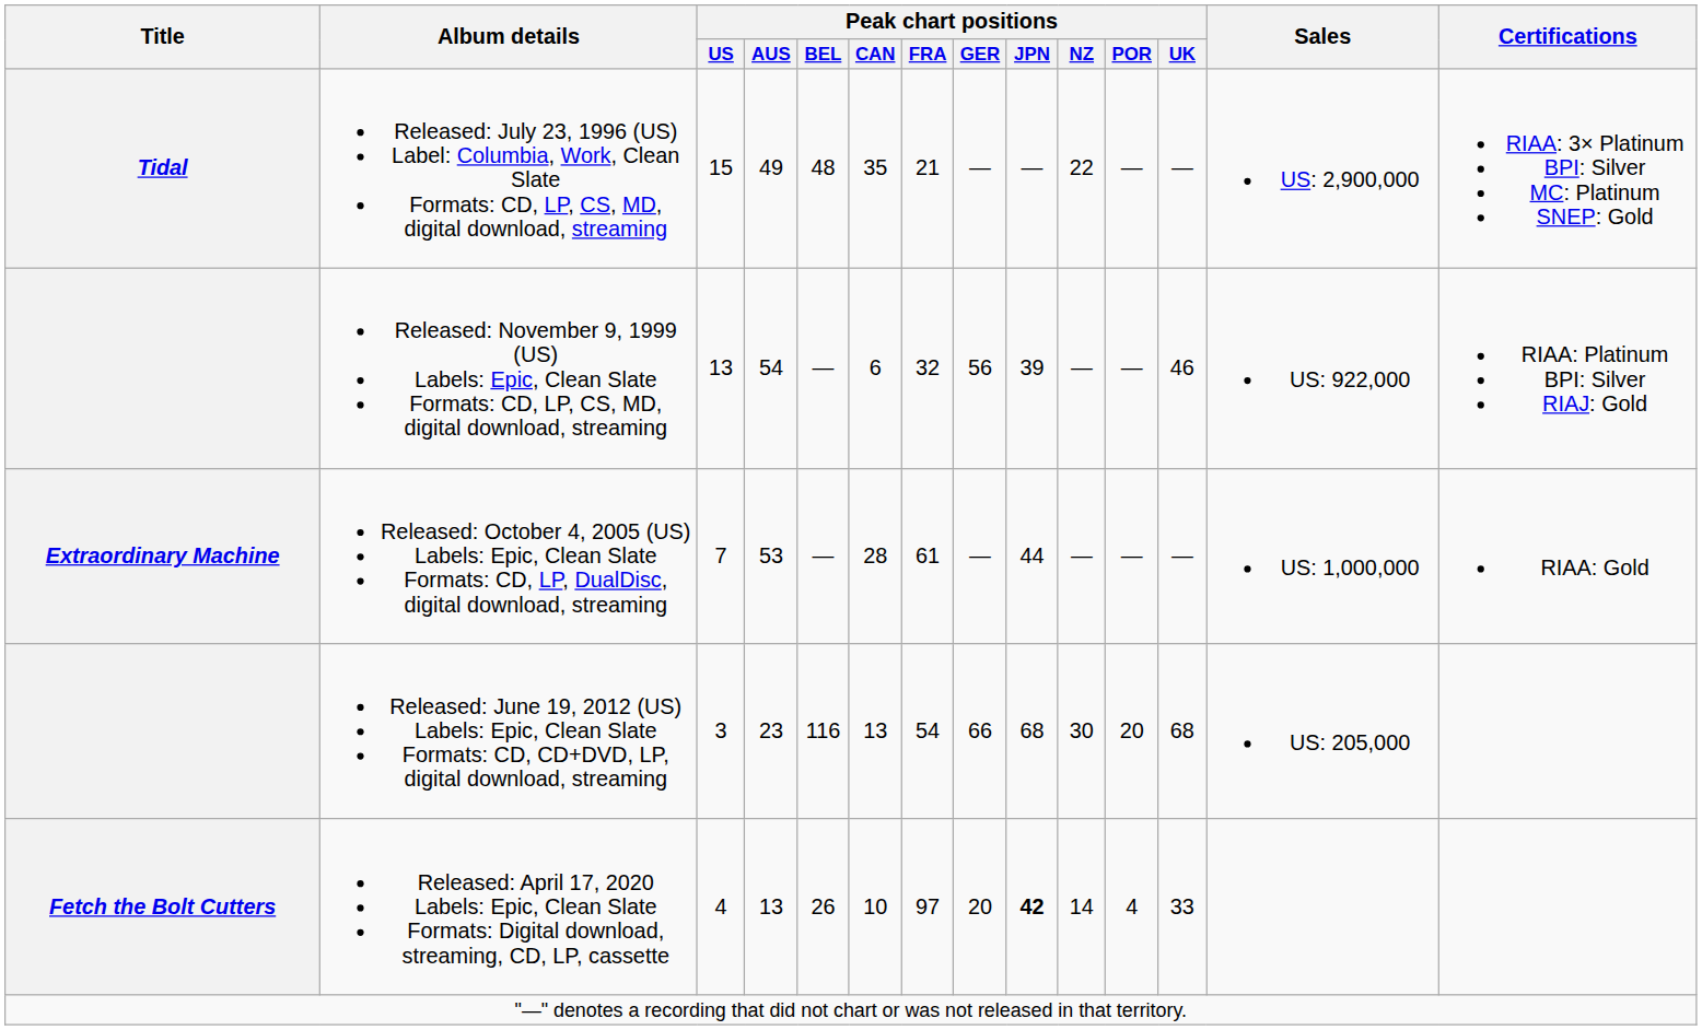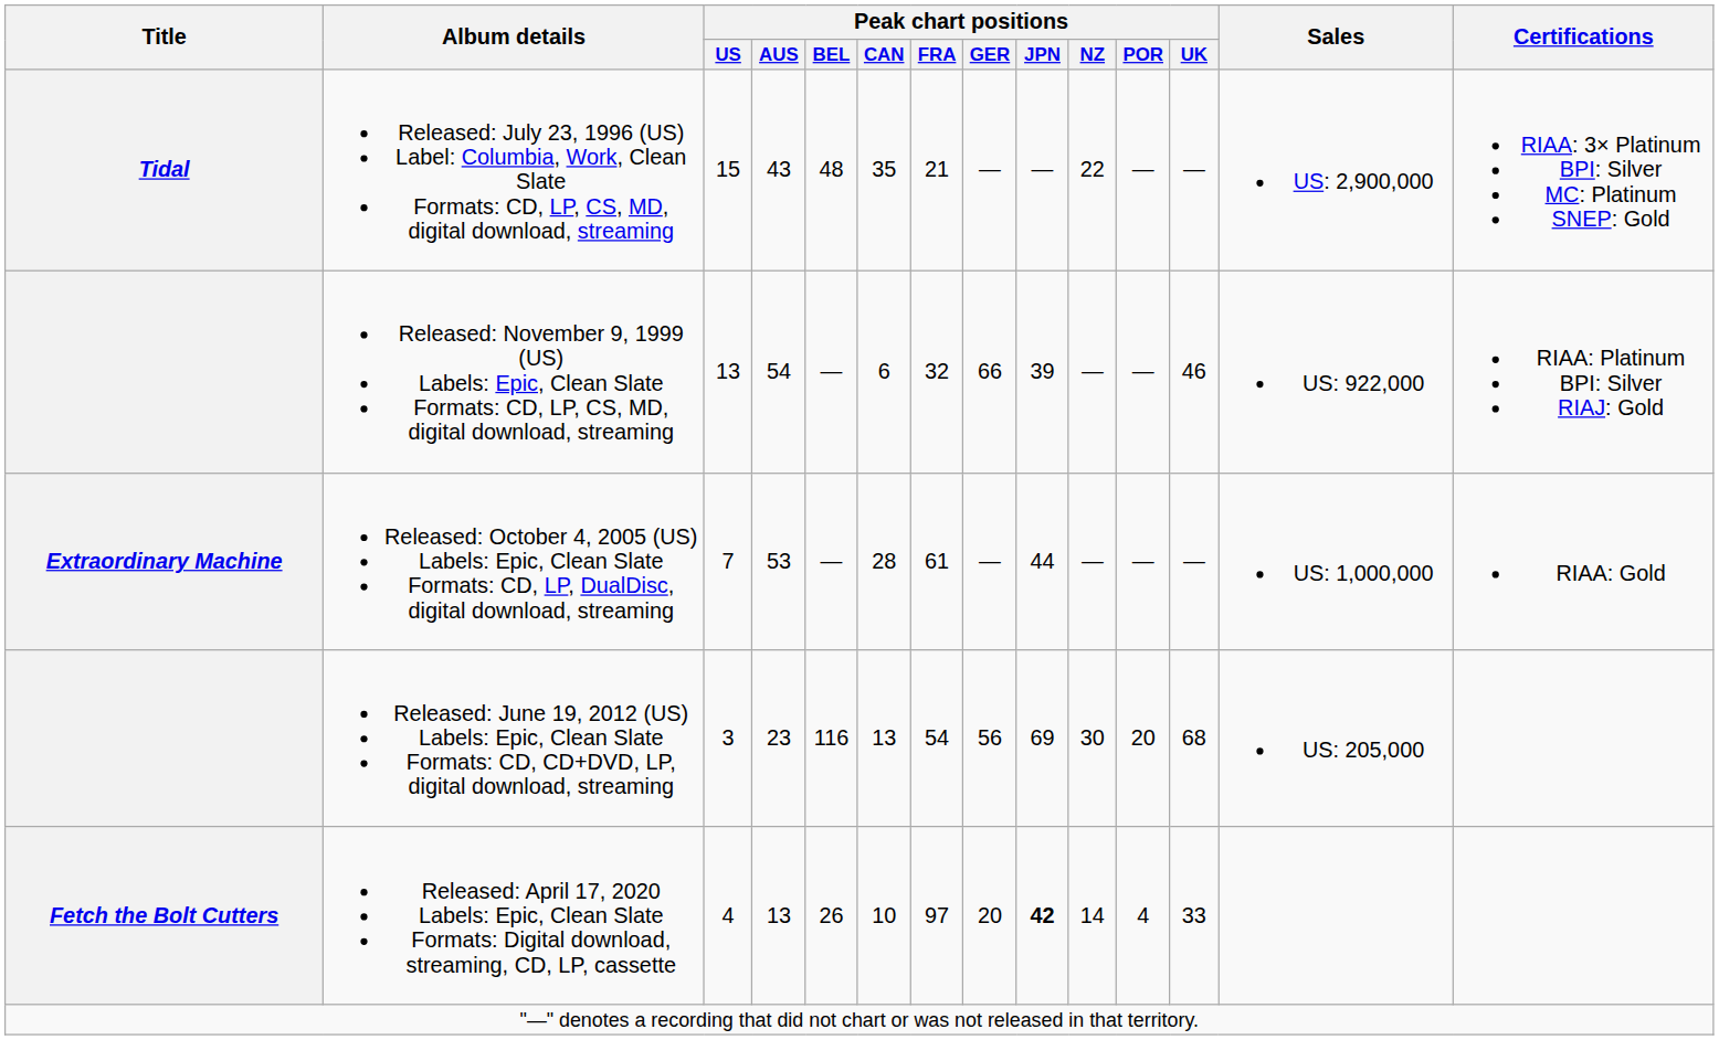 <table class="wikitable plainrowheaders" style="text-align:center;">
 <tr>
 <th scope="col" rowspan="2" style="width:18em;">Title</th>
 <th scope="col" rowspan="2" style="width:22em;">Album details</th>
 <th scope="col" colspan="10">Peak chart positions</th>
 <th scope="col" rowspan="2" style="width:12em;">Sales</th>
 <th scope="col" rowspan="2" style="width:14em;"><a href='#'>Certifications</a></th>
 </tr>
 <tr>
 <th scope="col" style="width:2.5em;font-size:85%;"><a href='#'>US</a><br></th>
 <th scope="col" style="width:2.5em;font-size:85%;"><a href='#'>AUS</a><br></th>
 <th scope="col" style="width:2.5em;font-size:85%;"><a href='#'>BEL</a><br></th>
 <th scope="col" style="width:2.5em;font-size:85%;"><a href='#'>CAN</a><br></th>
 <th scope="col" style="width:2.5em;font-size:85%;"><a href='#'>FRA</a><br></th>
 <th scope="col" style="width:2.5em;font-size:85%;"><a href='#'>GER</a><br></th>
 <th scope="col" style="width:2.5em;font-size:85%;"><a href='#'>JPN</a><br></th>
 <th scope="col" style="width:2.5em;font-size:85%;"><a href='#'>NZ</a><br></th>
 <th scope="col" style="width:2.5em;font-size:85%;"><a href='#'>POR</a><br></th>
 <th scope="col" style="width:2.5em;font-size:85%;"><a href='#'>UK</a><br></th>
 </tr>
 <tr>
 <th scope="row"><em><a href='#'>Tidal</a></em></th>
 <td><br><ul><li>Released: July 23, 1996 <span>(US)</span></li><li>Label: <a href='#'>Columbia</a>, <a href='#'>Work</a>, Clean Slate</li><li>Formats: CD, <a href='#'>LP</a>, <a href='#'>CS</a>, <a href='#'>MD</a>, digital download, <a href='#'>streaming</a></li></ul></td>
 <td>15</td>
-<td>49</td>
+<td>43</td>
 <td>48</td>
 <td>35</td>
 <td>21</td>
 <td>—</td>
 <td>—</td>
 <td>22</td>
 <td>—</td>
 <td>—</td>
 <td><br><ul><li><a href='#'>US</a>: 2,900,000</li></ul></td>
 <td><br><ul><li><a href='#'>RIAA</a>: 3× Platinum</li><li><a href='#'>BPI</a>: Silver</li><li><a href='#'>MC</a>: Platinum</li><li><a href='#'>SNEP</a>: Gold</li></ul></td>
 </tr>
 <tr>
 <th scope="row"><em><a href='#'></a></em></th>
 <td><br><ul><li>Released: November 9, 1999 <span>(US)</span></li><li>Labels: <a href='#'>Epic</a>, Clean Slate</li><li>Formats: CD, LP, CS, MD, digital download, streaming</li></ul></td>
 <td>13</td>
 <td>54</td>
 <td>—</td>
 <td>6</td>
 <td>32</td>
-<td>56</td>
+<td>66</td>
 <td>39</td>
 <td>—</td>
 <td>—</td>
 <td>46</td>
 <td><br><ul><li>US: 922,000</li></ul></td>
 <td><br><ul><li>RIAA: Platinum</li><li>BPI: Silver</li><li><a href='#'>RIAJ</a>: Gold</li></ul></td>
 </tr>
 <tr>
 <th scope="row"><em><a href='#'>Extraordinary Machine</a></em></th>
 <td><br><ul><li>Released: October 4, 2005 <span>(US)</span></li><li>Labels: Epic, Clean Slate</li><li>Formats: CD, <a href='#'>LP</a>, <a href='#'>DualDisc</a>, digital download, streaming</li></ul></td>
 <td>7</td>
 <td>53</td>
 <td>—</td>
 <td>28</td>
 <td>61</td>
 <td>—</td>
 <td>44</td>
 <td>—</td>
 <td>—</td>
 <td>—</td>
 <td><br><ul><li>US: 1,000,000</li></ul></td>
 <td><br><ul><li>RIAA: Gold</li></ul></td>
 </tr>
 <tr>
 <th scope="row"><em><a href='#'></a></em></th>
 <td><br><ul><li>Released: June 19, 2012 <span>(US)</span></li><li>Labels: Epic, Clean Slate</li><li>Formats: CD, CD+DVD, LP, digital download, streaming</li></ul></td>
 <td>3</td>
 <td>23</td>
 <td>116</td>
 <td>13</td>
 <td>54</td>
-<td>66</td>
-<td>68</td>
+<td>56</td>
+<td>69</td>
 <td>30</td>
 <td>20</td>
 <td>68</td>
 <td><br><ul><li>US: 205,000</li></ul></td>
 <td></td>
 </tr>
 <tr>
 <th scope="row"><em><a href='#'>Fetch the Bolt Cutters</a></em></th>
 <td><br><ul><li>Released: April 17, 2020</li><li>Labels: Epic, Clean Slate</li><li>Formats: Digital download, streaming, CD, LP, cassette</li></ul></td>
 <td>4</td>
 <td>13</td>
 <td>26</td>
 <td>10</td>
 <td>97</td>
 <td>20</td>
 <td><strong>42</strong></td>
 <td>14</td>
 <td>4</td>
 <td>33</td>
 <td></td>
 <td></td>
 </tr>
 <tr>
 <td colspan="15" style="font-size:90%">"—" denotes a recording that did not chart or was not released in that territory.</td>
 </tr>
 </table>
